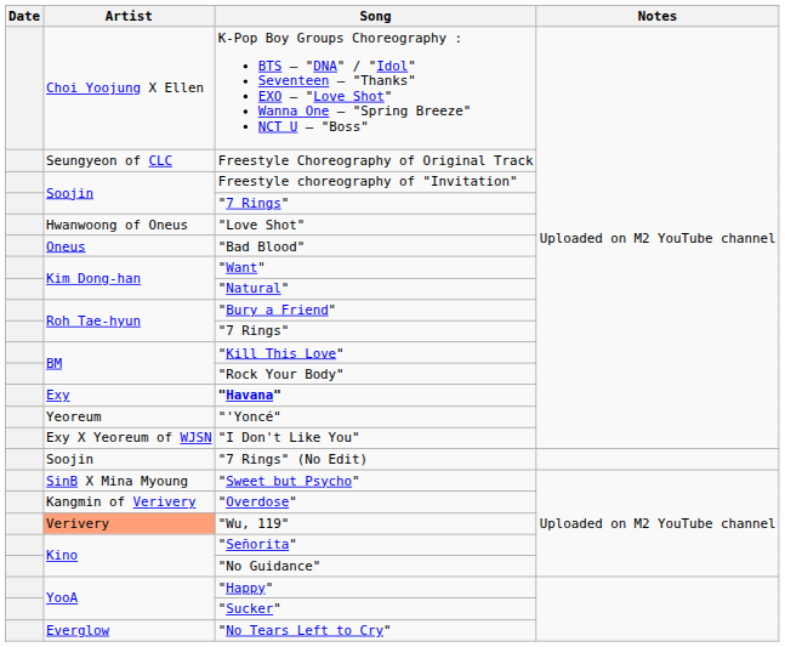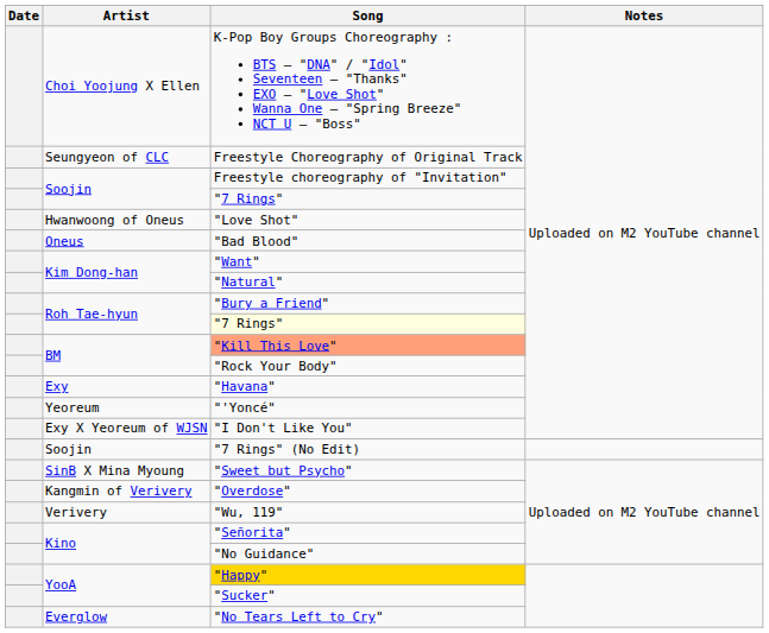 <table class="wikitable plainrowheaders">
 <tr>
 <th scope="col">Date</th>
 <th scope="col">Artist</th>
 <th scope="col">Song</th>
 <th scope="col">Notes</th>
 </tr>
 <tr>
 <th scope="row"></th>
 <td><a href='#'>Choi Yoojung</a> X Ellen</td>
 <td>K-Pop Boy Groups Choreography :<br><ul><li><a href='#'>BTS</a> – "<a href='#'>DNA</a>" / "<a href='#'>Idol</a>"</li><li><a href='#'>Seventeen</a> – "Thanks"</li><li><a href='#'>EXO</a> – "<a href='#'>Love Shot</a>"</li><li><a href='#'>Wanna One</a> – "Spring Breeze"</li><li><a href='#'>NCT U</a> – "Boss"</li></ul></td>
 <td rowspan="15">Uploaded on M2 YouTube channel</td>
 </tr>
 <tr>
 <th scope="row"></th>
 <td>Seungyeon of <a href='#'>CLC</a></td>
 <td>Freestyle Choreography of Original Track</td>
 </tr>
 <tr>
 <th scope="row"></th>
 <td rowspan="2"><a href='#'>Soojin</a></td>
 <td>Freestyle choreography of "Invitation"<br></td>
 </tr>
 <tr>
 <th scope="row"></th>
 <td>"<a href='#'>7 Rings</a>"<br></td>
 </tr>
 <tr>
 <th scope="row"></th>
 <td>Hwanwoong of Oneus</td>
 <td>"Love Shot"<br></td>
 </tr>
 <tr>
 <th scope="row"></th>
 <td><a href='#'>Oneus</a></td>
 <td>"Bad Blood"<br></td>
 </tr>
 <tr>
 <th scope="row"></th>
 <td rowspan="2"><a href='#'>Kim Dong-han</a></td>
 <td>"<a href='#'>Want</a>"<br></td>
 </tr>
 <tr>
 <th scope="row"></th>
 <td>"<a href='#'>Natural</a>"<br></td>
 </tr>
 <tr>
 <th scope="row"></th>
 <td rowspan="2"><a href='#'>Roh Tae-hyun</a></td>
 <td>"<a href='#'>Bury a Friend</a>"<br></td>
 </tr>
 <tr>
 <th scope="row"></th>
-<td>"7 Rings"<br></td>
+<td style="background: lightyellow;">"7 Rings"<br></td>
 </tr>
 <tr>
 <th scope="row"></th>
 <td rowspan="2"><a href='#'>BM</a></td>
-<td>"<a href='#'>Kill This Love</a>"<br></td>
+<td style="background: lightsalmon;">"<a href='#'>Kill This Love</a>"<br></td>
 </tr>
 <tr>
 <th scope="row"></th>
 <td>"Rock Your Body"<br></td>
 </tr>
 <tr>
 <th scope="row"></th>
 <td><a href='#'>Exy</a></td>
-<td><strong>"<a href='#'>Havana</a>"<br></strong></td>
+<td>"<a href='#'>Havana</a>"<br></td>
 </tr>
 <tr>
 <th scope="row"></th>
 <td>Yeoreum</td>
 <td>"'Yoncé"<br></td>
 </tr>
 <tr>
 <th scope="row"></th>
 <td>Exy X Yeoreum of <a href='#'>WJSN</a></td>
 <td>"I Don't Like You"<br></td>
 </tr>
 <tr>
 <th scope="row"></th>
 <td>Soojin</td>
 <td>"7 Rings" (No Edit)<br></td>
 </tr>
 <tr>
 <th scope="row"></th>
 <td><a href='#'>SinB</a> X Mina Myoung</td>
 <td>"<a href='#'>Sweet but Psycho</a>"<br></td>
 <td rowspan="5">Uploaded on M2 YouTube channel</td>
 </tr>
 <tr>
 <th scope="row"></th>
 <td>Kangmin of <a href='#'>Verivery</a></td>
 <td>"<a href='#'>Overdose</a>"<br></td>
 </tr>
 <tr>
 <th scope="row"></th>
-<td style="background: lightsalmon;">Verivery</td>
+<td>Verivery</td>
 <td>"Wu, 119" <br></td>
 </tr>
 <tr>
 <th scope="row"></th>
 <td rowspan="2"><a href='#'>Kino</a></td>
 <td>"<a href='#'>Señorita</a>"<br></td>
 </tr>
 <tr>
 <th scope="row"></th>
 <td>"No Guidance"<br></td>
 </tr>
 <tr>
 <th scope="row"></th>
 <td rowspan="2"><a href='#'>YooA</a></td>
-<td>"<a href='#'>Happy</a>"<br></td>
+<td style="background: gold;">"<a href='#'>Happy</a>"<br></td>
 </tr>
 <tr>
 <th scope="row"></th>
 <td>"<a href='#'>Sucker</a>"<br></td>
 </tr>
 <tr>
 <th scope="row"></th>
 <td><a href='#'>Everglow</a></td>
 <td>"<a href='#'>No Tears Left to Cry</a>"<br></td>
 </tr>
 </table>
